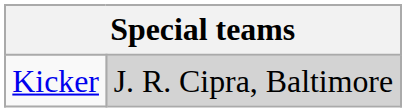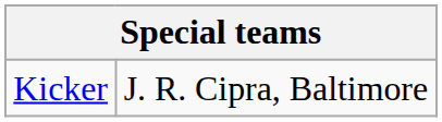 <table class="wikitable">
 <tr>
 <th colspan="6">Special teams</th>
 </tr>
 <tr>
 <td><a href='#'>Kicker</a></td>
-<td style="background: lightgrey;">J. R. Cipra, Baltimore</td>
+<td>J. R. Cipra, Baltimore</td>
 </tr>
 </table>
